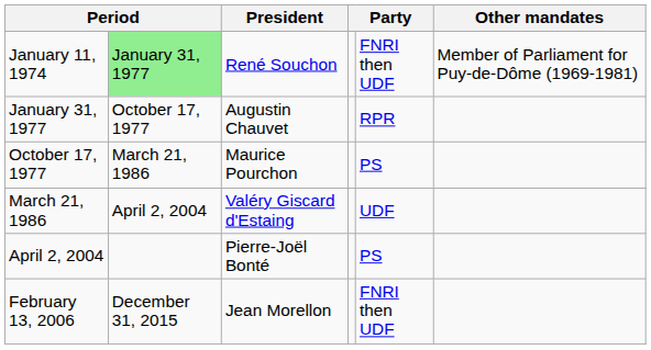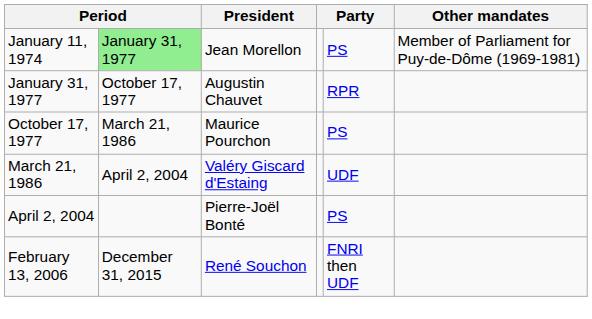 <table class="wikitable">
 <tr>
 <th colspan="2">Period</th>
 <th>President</th>
 <th colspan="2">Party</th>
 <th>Other mandates</th>
 </tr>
 <tr>
 <td>January 11, 1974</td>
 <td style="background: lightgreen;">January 31, 1977</td>
-<td><a href='#'>René Souchon</a></td>
+<td>Jean Morellon</td>
 <td style="background-color:"></td>
-<td><a href='#'>FNRI</a> then <a href='#'>UDF</a></td>
+<td><a href='#'>PS</a></td>
 <td>Member of Parliament for Puy-de-Dôme (1969-1981)</td>
 </tr>
 <tr>
 <td>January 31, 1977</td>
 <td>October 17, 1977</td>
 <td>Augustin Chauvet</td>
 <td style="background-color:"></td>
 <td><a href='#'>RPR</a></td>
 <td></td>
 </tr>
 <tr>
 <td>October 17, 1977</td>
 <td>March 21, 1986</td>
 <td>Maurice Pourchon</td>
 <td style="background-color:"></td>
 <td><a href='#'>PS</a></td>
 <td></td>
 </tr>
 <tr>
 <td>March 21, 1986</td>
 <td>April 2, 2004</td>
 <td><a href='#'>Valéry Giscard d'Estaing</a></td>
 <td style="background-color:"></td>
 <td><a href='#'>UDF</a></td>
 <td></td>
 </tr>
 <tr>
 <td>April 2, 2004</td>
 <td></td>
 <td>Pierre-Joël Bonté</td>
 <td style="background-color:"></td>
 <td><a href='#'>PS</a></td>
 <td></td>
 </tr>
 <tr>
 <td>February 13, 2006</td>
 <td>December 31, 2015</td>
-<td>Jean Morellon</td>
+<td><a href='#'>René Souchon</a></td>
 <td style="background-color:"></td>
 <td><a href='#'>FNRI</a> then <a href='#'>UDF</a></td>
 <td></td>
 </tr>
 </table>
